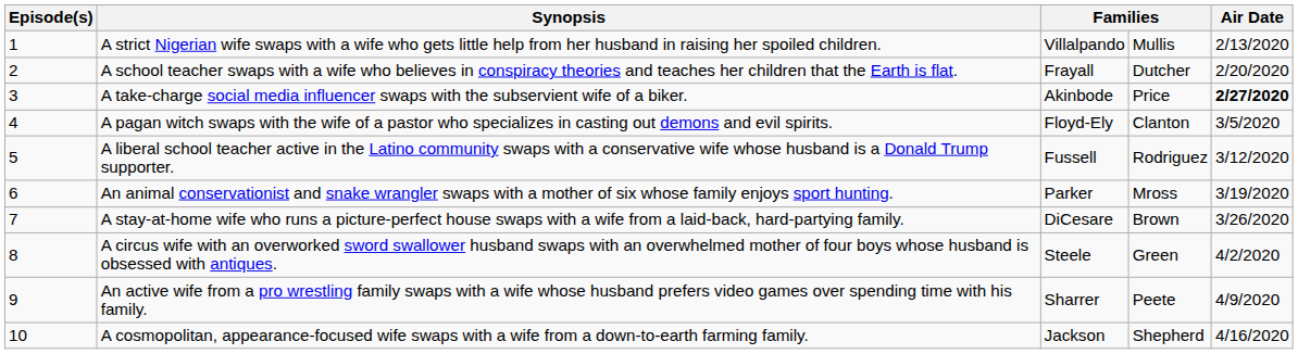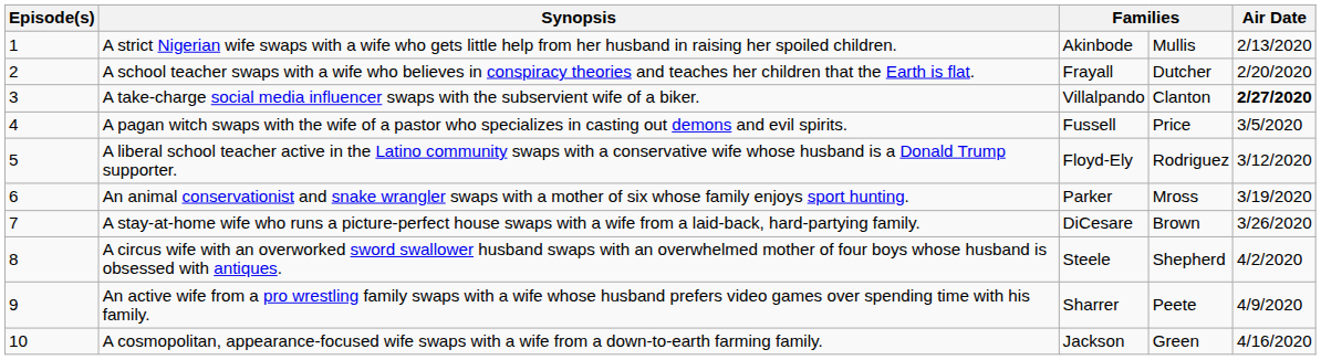 <table class="wikitable">
 <tr>
 <th>Episode(s)</th>
 <th>Synopsis</th>
 <th colspan="2">Families</th>
 <th>Air Date</th>
 </tr>
 <tr>
 <td>1</td>
 <td>A strict <a href='#'>Nigerian</a> wife swaps with a wife who gets little help from her husband in raising her spoiled children.</td>
-<td>Villalpando</td>
+<td>Akinbode</td>
 <td>Mullis</td>
 <td>2/13/2020</td>
 </tr>
 <tr>
 <td>2</td>
 <td>A school teacher swaps with a wife who believes in <a href='#'>conspiracy theories</a> and teaches her children that the <a href='#'>Earth is flat</a>.</td>
 <td>Frayall</td>
 <td>Dutcher</td>
 <td>2/20/2020</td>
 </tr>
 <tr>
 <td>3</td>
 <td>A take-charge <a href='#'>social media influencer</a> swaps with the subservient wife of a biker.</td>
-<td>Akinbode</td>
-<td>Price</td>
+<td>Villalpando</td>
+<td>Clanton</td>
 <td><strong>2/27/2020</strong></td>
 </tr>
 <tr>
 <td>4</td>
 <td>A pagan witch swaps with the wife of a pastor who specializes in casting out <a href='#'>demons</a> and evil spirits.</td>
-<td>Floyd-Ely</td>
-<td>Clanton</td>
+<td>Fussell</td>
+<td>Price</td>
 <td>3/5/2020</td>
 </tr>
 <tr>
 <td>5</td>
 <td>A liberal school teacher active in the <a href='#'>Latino community</a> swaps with a conservative wife whose husband is a <a href='#'>Donald Trump</a> supporter.</td>
-<td>Fussell</td>
+<td>Floyd-Ely</td>
 <td>Rodriguez</td>
 <td>3/12/2020</td>
 </tr>
 <tr>
 <td>6</td>
 <td>An animal <a href='#'>conservationist</a> and <a href='#'>snake wrangler</a> swaps with a mother of six whose family enjoys <a href='#'>sport hunting</a>.</td>
 <td>Parker</td>
 <td>Mross</td>
 <td>3/19/2020</td>
 </tr>
 <tr>
 <td>7</td>
 <td>A stay-at-home wife who runs a picture-perfect house swaps with a wife from a laid-back, hard-partying family.</td>
 <td>DiCesare</td>
 <td>Brown</td>
 <td>3/26/2020</td>
 </tr>
 <tr>
 <td>8</td>
 <td>A circus wife with an overworked <a href='#'>sword swallower</a> husband swaps with an overwhelmed mother of four boys whose husband is obsessed with <a href='#'>antiques</a>.</td>
 <td>Steele</td>
-<td>Green</td>
+<td>Shepherd</td>
 <td>4/2/2020</td>
 </tr>
 <tr>
 <td>9</td>
 <td>An active wife from a <a href='#'>pro wrestling</a> family swaps with a wife whose husband prefers video games over spending time with his family.</td>
 <td>Sharrer</td>
 <td>Peete</td>
 <td>4/9/2020</td>
 </tr>
 <tr>
 <td>10</td>
 <td>A cosmopolitan, appearance-focused wife swaps with a wife from a down-to-earth farming family.</td>
 <td>Jackson</td>
-<td>Shepherd</td>
+<td>Green</td>
 <td>4/16/2020</td>
 </tr>
 </table>
